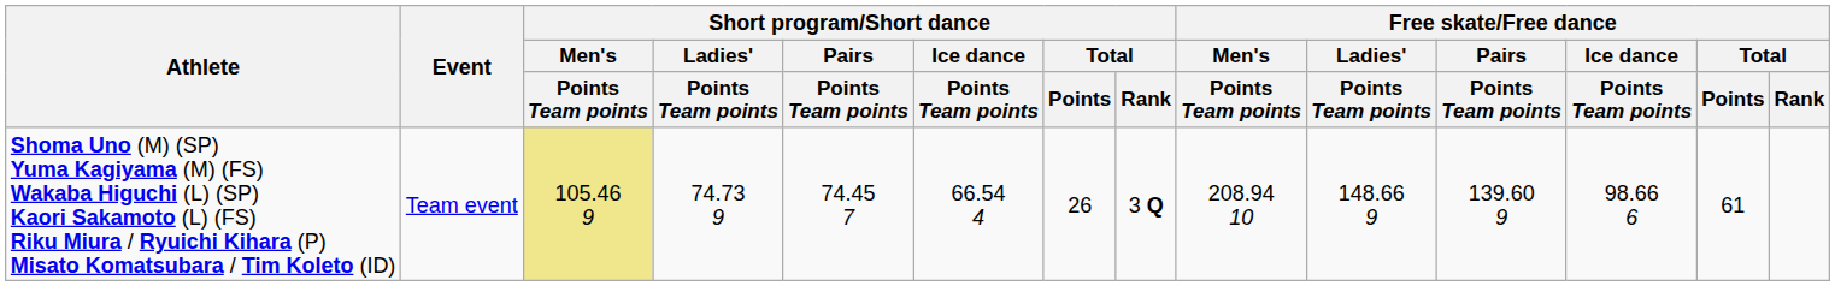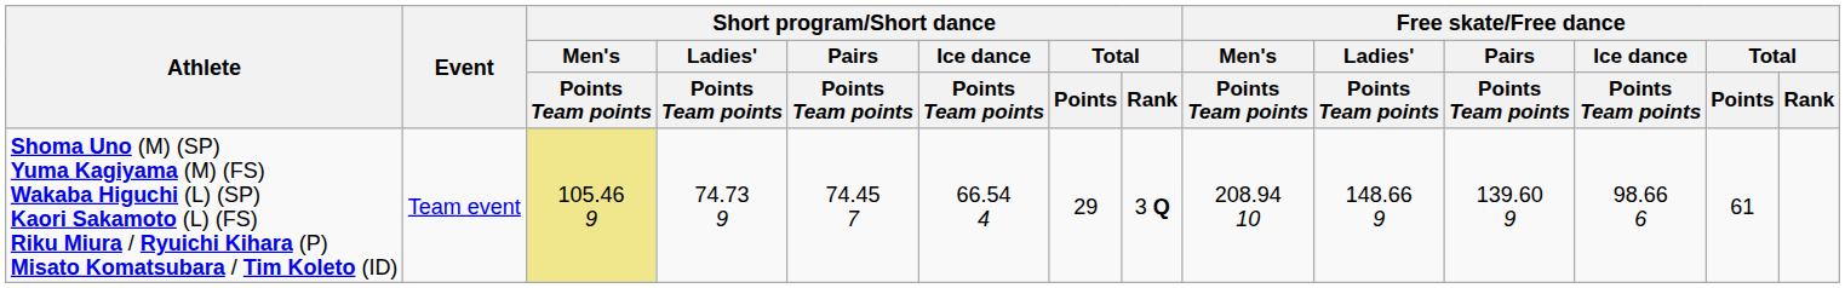 <table class="wikitable" style="font-size:90%">
 <tr>
 <th rowspan=3>Athlete</th>
 <th rowspan=3>Event</th>
 <th colspan=6>Short program/Short dance</th>
 <th colspan=6>Free skate/Free dance</th>
 </tr>
 <tr style="font-size:95%">
 <th>Men's</th>
 <th>Ladies'</th>
 <th>Pairs</th>
 <th>Ice dance</th>
 <th colspan=2>Total</th>
 <th>Men's</th>
 <th>Ladies'</th>
 <th>Pairs</th>
 <th>Ice dance</th>
 <th colspan=2>Total</th>
 </tr>
 <tr style="font-size:95%">
 <th>Points<br><em>Team points</em></th>
 <th>Points<br><em>Team points</em></th>
 <th>Points<br><em>Team points</em></th>
 <th>Points<br><em>Team points</em></th>
 <th>Points</th>
 <th>Rank</th>
 <th>Points<br><em>Team points</em></th>
 <th>Points<br><em>Team points</em></th>
 <th>Points<br><em>Team points</em></th>
 <th>Points<br><em>Team points</em></th>
 <th>Points</th>
 <th>Rank</th>
 </tr>
 <tr align=center>
 <td align=left><strong><a href='#'>Shoma Uno</a></strong> (M) (SP)<br><strong><a href='#'>Yuma Kagiyama</a></strong> (M) (FS)<br><strong><a href='#'>Wakaba Higuchi</a></strong> (L) (SP)<br><strong><a href='#'>Kaori Sakamoto</a></strong> (L) (FS)<br><strong><a href='#'>Riku Miura</a></strong> / <strong><a href='#'>Ryuichi Kihara</a></strong> (P)<br><strong><a href='#'>Misato Komatsubara</a></strong> / <strong><a href='#'>Tim Koleto</a></strong> (ID)</td>
 <td align=left><a href='#'>Team event</a></td>
 <td style="background: khaki;">105.46<br><em>9</em></td>
 <td>74.73<br><em>9</em></td>
 <td>74.45<br><em>7</em></td>
 <td>66.54<br><em>4</em></td>
-<td>26</td>
+<td>29</td>
 <td>3 <strong>Q</strong></td>
 <td>208.94<br><em>10</em></td>
 <td>148.66<br><em>9</em></td>
 <td>139.60<br><em>9</em></td>
 <td>98.66<br><em>6</em></td>
 <td>61</td>
 <td></td>
 </tr>
 </table>
